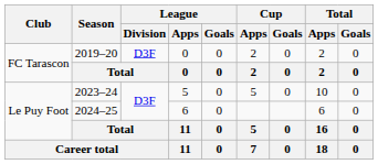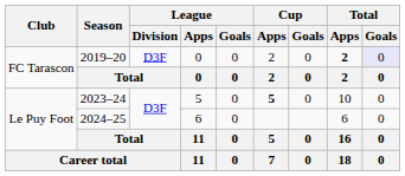 <table class="wikitable" style="text-align:center">
 <tr>
 <th rowspan="2">Club</th>
 <th rowspan="2">Season</th>
 <th colspan="3">League</th>
 <th colspan="2">Cup</th>
 <th colspan="2">Total</th>
 </tr>
 <tr>
 <th>Division</th>
 <th>Apps</th>
 <th>Goals</th>
 <th>Apps</th>
 <th>Goals</th>
 <th>Apps</th>
 <th>Goals</th>
 </tr>
 <tr>
 <td rowspan="2">FC Tarascon</td>
 <td>2019–20</td>
 <td rowspan=1><a href='#'>D3F</a></td>
 <td>0</td>
 <td>0</td>
 <td>2</td>
 <td>0</td>
-<td>2</td>
-<td>0</td>
+<td><strong>2</strong></td>
+<td style="background: lavender;">0</td>
 </tr>
 <tr>
 <th colspan="2">Total</th>
 <th>0</th>
 <th>0</th>
 <th>2</th>
 <th>0</th>
 <th>2</th>
 <th>0</th>
 </tr>
 <tr>
 <td rowspan="3">Le Puy Foot</td>
 <td>2023–24</td>
 <td rowspan=2><a href='#'>D3F</a></td>
 <td>5</td>
 <td>0</td>
-<td>5</td>
+<td><strong>5</strong></td>
 <td>0</td>
 <td>10</td>
 <td>0</td>
 </tr>
 <tr>
 <td>2024–25</td>
 <td>6</td>
 <td>0</td>
 <td></td>
 <td></td>
 <td>6</td>
 <td>0</td>
 </tr>
 <tr>
 <th colspan="2">Total</th>
 <th>11</th>
 <th>0</th>
 <th>5</th>
 <th>0</th>
 <th>16</th>
 <th>0</th>
 </tr>
 <tr>
 <th colspan="3">Career total</th>
 <th>11</th>
 <th>0</th>
 <th>7</th>
 <th>0</th>
 <th>18</th>
 <th>0</th>
 </tr>
 </table>
